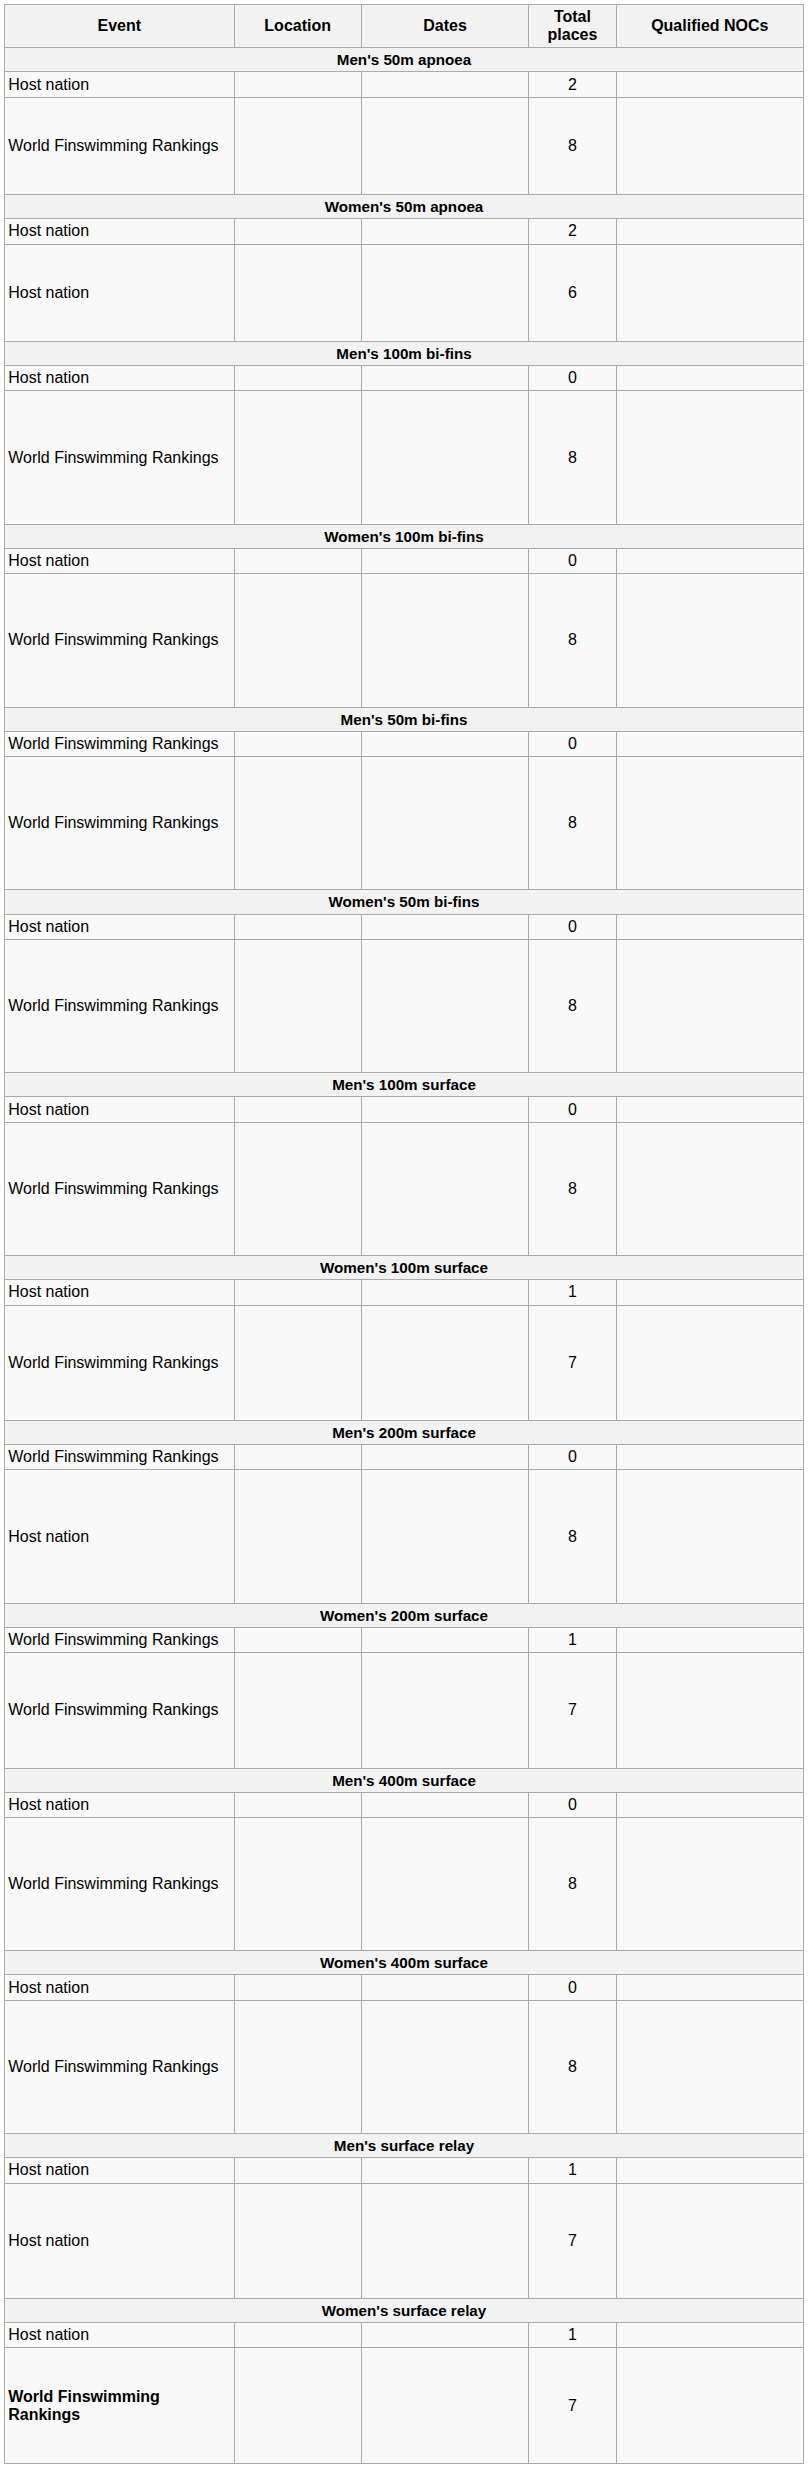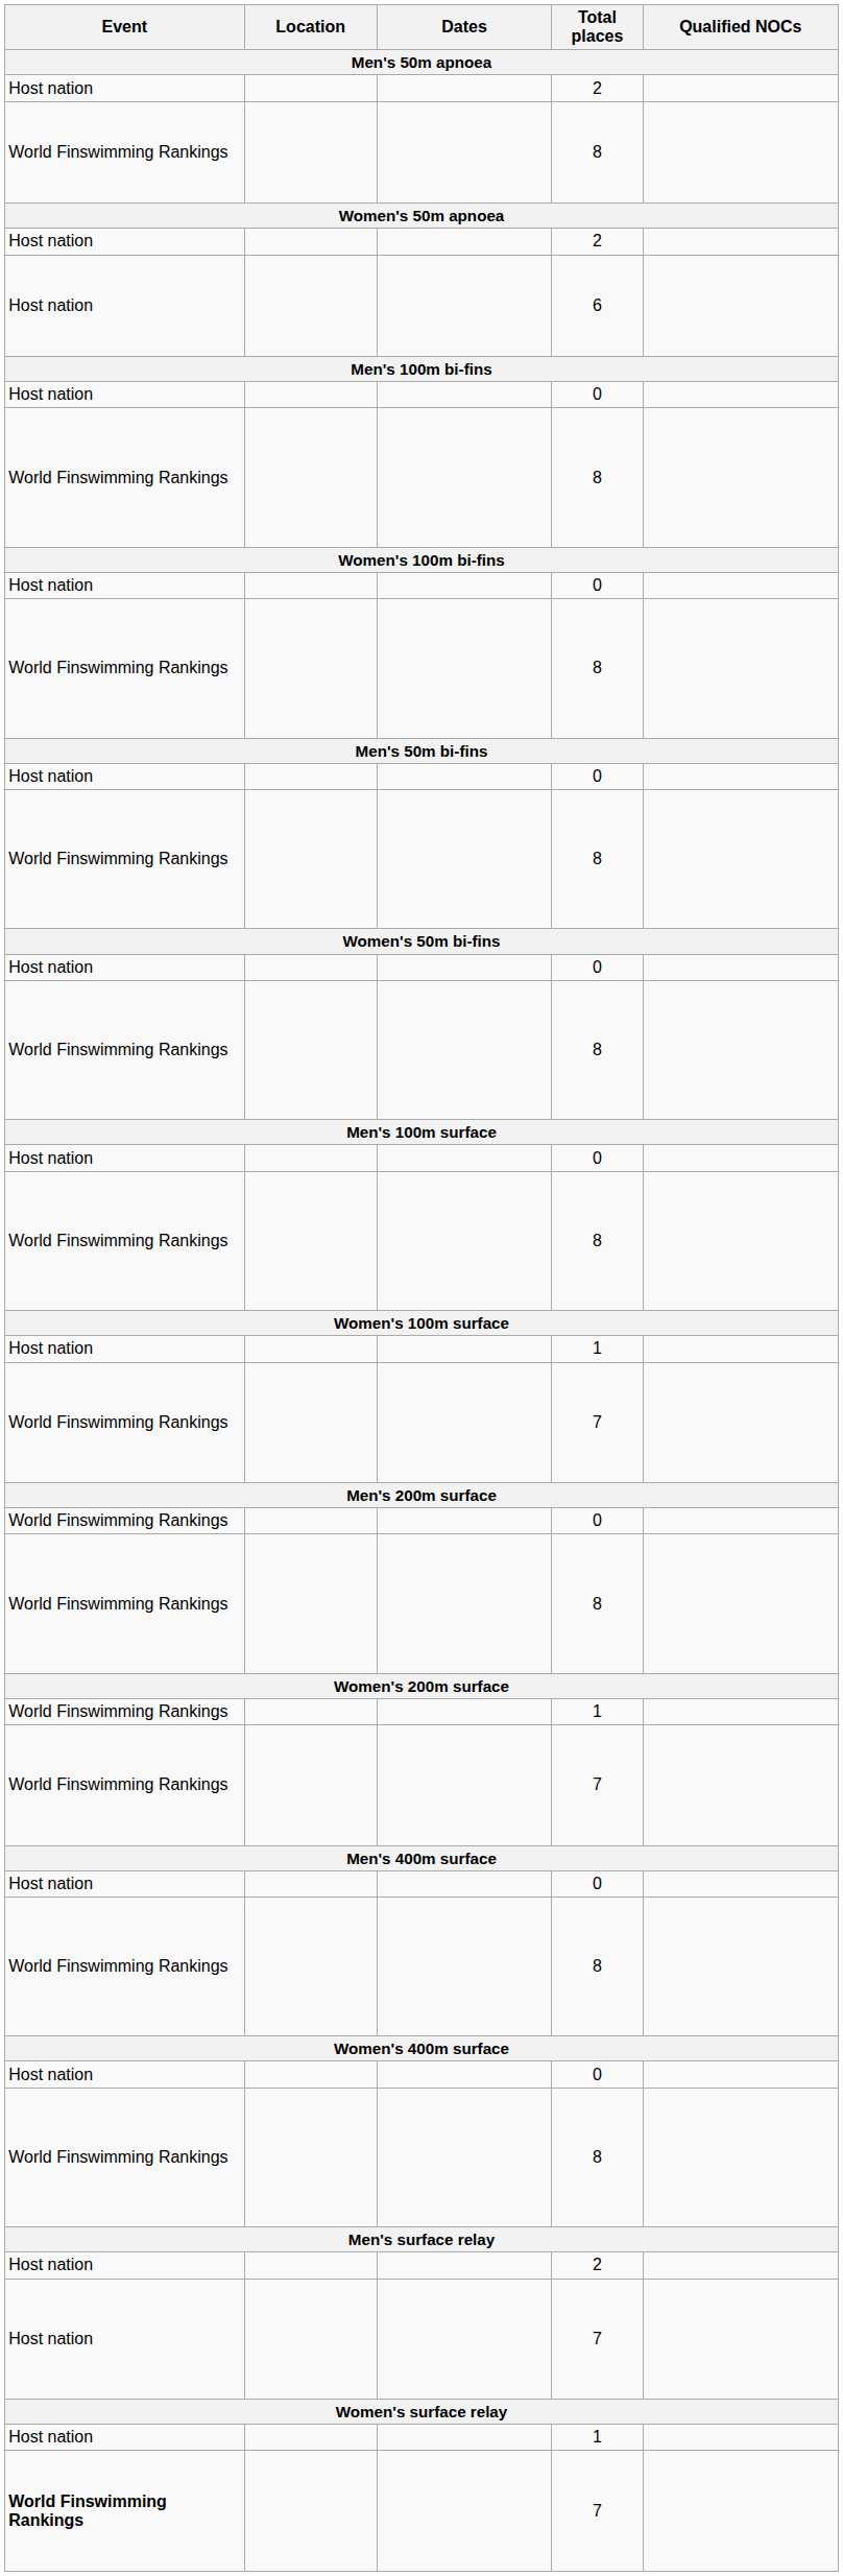 <table class="wikitable" width=800>
 <tr>
 <th>Event</th>
 <th width=120>Location</th>
 <th width=160>Dates</th>
 <th width=80>Total places</th>
 <th width=180>Qualified NOCs</th>
 </tr>
 <tr style="font-size:95%;">
 <th colspan=5>Men's 50m apnoea</th>
 </tr>
 <tr>
 <td>Host nation</td>
 <td></td>
 <td></td>
 <td align="center">2</td>
 <td></td>
 </tr>
 <tr>
 <td>World Finswimming Rankings</td>
 <td></td>
 <td></td>
 <td align="center">8</td>
 <td><br><br><br><br><br></td>
 </tr>
 <tr style="font-size:95%;">
 <th colspan=5>Women's 50m apnoea</th>
 </tr>
 <tr>
 <td>Host nation</td>
 <td></td>
 <td></td>
 <td align="center">2</td>
 <td></td>
 </tr>
 <tr>
 <td>Host nation</td>
 <td></td>
 <td></td>
 <td align="center">6</td>
 <td><br><br><br><br><br></td>
 </tr>
 <tr style="font-size:95%;">
 <th colspan=5>Men's 100m bi-fins</th>
 </tr>
 <tr>
 <td>Host nation</td>
 <td></td>
 <td></td>
 <td align="center">0</td>
 <td></td>
 </tr>
 <tr>
 <td>World Finswimming Rankings</td>
 <td></td>
 <td></td>
 <td align="center">8</td>
 <td><br><br><br><br><br><br><br></td>
 </tr>
 <tr style="font-size:95%;">
 <th colspan=5>Women's 100m bi-fins</th>
 </tr>
 <tr>
 <td>Host nation</td>
 <td></td>
 <td></td>
 <td align="center">0</td>
 <td></td>
 </tr>
 <tr>
 <td>World Finswimming Rankings</td>
 <td></td>
 <td></td>
 <td align="center">8</td>
 <td><br><br><br><br><br><br><br></td>
 </tr>
 <tr style="font-size:95%;">
 <th colspan=5>Men's 50m bi-fins</th>
 </tr>
 <tr>
-<td>World Finswimming Rankings</td>
+<td>Host nation</td>
 <td></td>
 <td></td>
 <td align="center">0</td>
 <td></td>
 </tr>
 <tr>
 <td>World Finswimming Rankings</td>
 <td></td>
 <td></td>
 <td align="center">8</td>
 <td><br><br><br><br><br><br><br></td>
 </tr>
 <tr style="font-size:95%;">
 <th colspan=5>Women's 50m bi-fins</th>
 </tr>
 <tr>
 <td>Host nation</td>
 <td></td>
 <td></td>
 <td align="center">0</td>
 <td></td>
 </tr>
 <tr>
 <td>World Finswimming Rankings</td>
 <td></td>
 <td></td>
 <td align="center">8</td>
 <td><br><br><br><br><br><br><br></td>
 </tr>
 <tr style="font-size:95%;">
 <th colspan=5>Men's 100m surface</th>
 </tr>
 <tr>
 <td>Host nation</td>
 <td></td>
 <td></td>
 <td align="center">0</td>
 <td></td>
 </tr>
 <tr>
 <td>World Finswimming Rankings</td>
 <td></td>
 <td></td>
 <td align="center">8</td>
 <td><br><br><br><br><br><br><br></td>
 </tr>
 <tr style="font-size:95%;">
 <th colspan=5>Women's 100m surface</th>
 </tr>
 <tr>
 <td>Host nation</td>
 <td></td>
 <td></td>
 <td align="center">1</td>
 <td></td>
 </tr>
 <tr>
 <td>World Finswimming Rankings</td>
 <td></td>
 <td></td>
 <td align="center">7</td>
 <td><br><br><br><br><br><br></td>
 </tr>
 <tr style="font-size:95%;">
 <th colspan=5>Men's 200m surface</th>
 </tr>
 <tr>
 <td>World Finswimming Rankings</td>
 <td></td>
 <td></td>
 <td align="center">0</td>
 <td></td>
 </tr>
 <tr>
-<td>Host nation</td>
+<td>World Finswimming Rankings</td>
 <td></td>
 <td></td>
 <td align="center">8</td>
 <td><br><br><br><br><br><br><br></td>
 </tr>
 <tr style="font-size:95%;">
 <th colspan=5>Women's 200m surface</th>
 </tr>
 <tr>
 <td>World Finswimming Rankings</td>
 <td></td>
 <td></td>
 <td align="center">1</td>
 <td></td>
 </tr>
 <tr>
 <td>World Finswimming Rankings</td>
 <td></td>
 <td></td>
 <td align="center">7</td>
 <td><br><br><br><br><br><br></td>
 </tr>
 <tr style="font-size:95%;">
 <th colspan=5>Men's 400m surface</th>
 </tr>
 <tr>
 <td>Host nation</td>
 <td></td>
 <td></td>
 <td align="center">0</td>
 <td></td>
 </tr>
 <tr>
 <td>World Finswimming Rankings</td>
 <td></td>
 <td></td>
 <td align="center">8</td>
 <td><br><br><br><br><br><br><br></td>
 </tr>
 <tr style="font-size:95%;">
 <th colspan=5>Women's 400m surface</th>
 </tr>
 <tr>
 <td>Host nation</td>
 <td></td>
 <td></td>
 <td align="center">0</td>
 <td></td>
 </tr>
 <tr>
 <td>World Finswimming Rankings</td>
 <td></td>
 <td></td>
 <td align="center">8</td>
 <td><br><br><br><br><br><br><br></td>
 </tr>
 <tr style="font-size:95%;">
 <th colspan=5>Men's surface relay</th>
 </tr>
 <tr>
 <td>Host nation</td>
 <td></td>
 <td></td>
-<td align="center">1</td>
+<td align="center">2</td>
 <td></td>
 </tr>
 <tr>
 <td>Host nation</td>
 <td></td>
 <td></td>
 <td align="center">7</td>
 <td><br><br><br><br><br><br></td>
 </tr>
 <tr style="font-size:95%;">
 <th colspan=5>Women's surface relay</th>
 </tr>
 <tr>
 <td>Host nation</td>
 <td></td>
 <td></td>
 <td align="center">1</td>
 <td></td>
 </tr>
 <tr>
 <td><strong>World Finswimming Rankings</strong></td>
 <td></td>
 <td></td>
 <td align="center">7</td>
 <td><br><br><br><br><br><br></td>
 </tr>
 <tr>
 </tr>
 </table>
